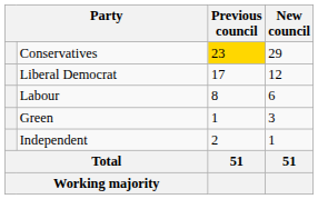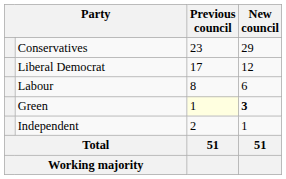 <table class="wikitable">
 <tr>
 <th valign=top colspan="2" style="width: 230px">Party</th>
 <th valign=top style="width: 30px">Previous council</th>
 <th valign=top style="width: 30px">New council</th>
 </tr>
 <tr>
 <th style="background-color: "></th>
 <td>Conservatives</td>
-<td style="background: gold;">23</td>
+<td>23</td>
 <td>29</td>
 </tr>
 <tr>
 <th style="background-color: "></th>
 <td>Liberal Democrat</td>
 <td>17</td>
 <td>12</td>
 </tr>
 <tr>
 <th style="background-color: "></th>
 <td>Labour</td>
 <td>8</td>
 <td>6</td>
 </tr>
 <tr>
 <th style="background-color: "></th>
 <td>Green</td>
-<td>1</td>
-<td>3</td>
+<td style="background: lightyellow;">1</td>
+<td><strong>3</strong></td>
 </tr>
 <tr>
 <th style="background-color: "></th>
 <td>Independent</td>
 <td>2</td>
 <td>1</td>
 </tr>
 <tr>
 <th colspan=2>Total</th>
 <th style="text-align: center">51</th>
 <th colspan=3>51</th>
 </tr>
 <tr>
 <th colspan=2>Working majority</th>
 <th></th>
 <th></th>
 </tr>
 </table>
